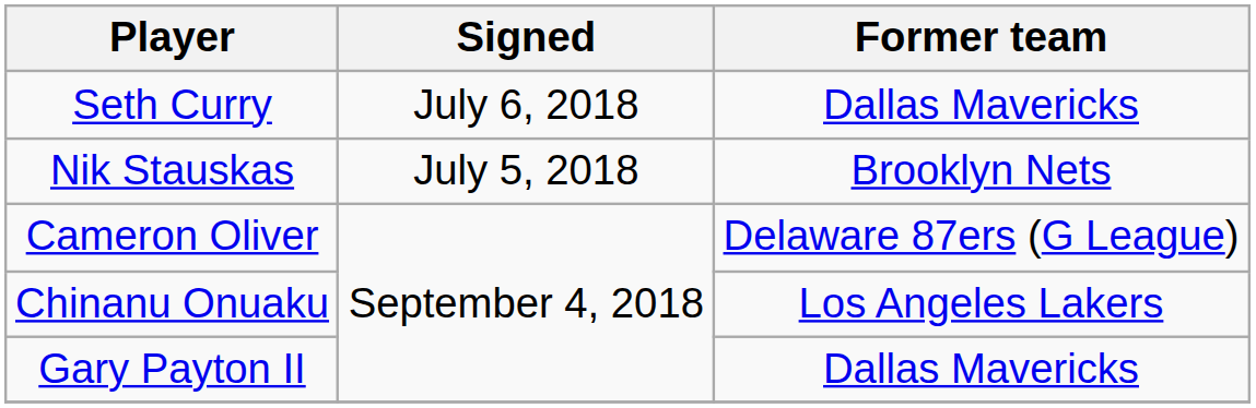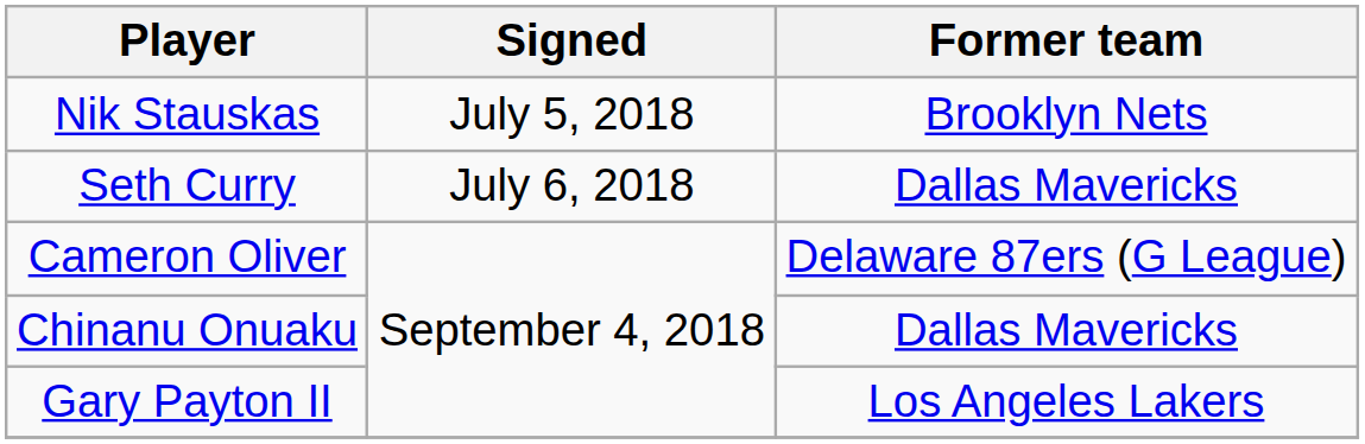 <table class="wikitable sortable sortable" style="text-align: center">
 <tr>
 <th>Player</th>
 <th>Signed</th>
 <th>Former team</th>
 </tr>
 <tr style="text-align: center">
+<td><a href='#'>Nik Stauskas</a></td>
+<td>July 5, 2018</td>
+<td><a href='#'>Brooklyn Nets</a></td>
+</tr>
+<tr style="text-align: center">
 <td><a href='#'>Seth Curry</a></td>
 <td>July 6, 2018</td>
 <td><a href='#'>Dallas Mavericks</a></td>
-</tr>
-<tr style="text-align: center">
-<td><a href='#'>Nik Stauskas</a></td>
-<td>July 5, 2018</td>
-<td><a href='#'>Brooklyn Nets</a></td>
 </tr>
 <tr>
 <td><a href='#'>Cameron Oliver</a></td>
 <td rowspan=3>September 4, 2018</td>
 <td><a href='#'>Delaware 87ers</a> (<a href='#'>G League</a>)</td>
 </tr>
 <tr>
 <td><a href='#'>Chinanu Onuaku</a></td>
-<td><a href='#'>Los Angeles Lakers</a></td>
+<td><a href='#'>Dallas Mavericks</a></td>
 </tr>
 <tr>
 <td><a href='#'>Gary Payton II</a></td>
-<td><a href='#'>Dallas Mavericks</a></td>
+<td><a href='#'>Los Angeles Lakers</a></td>
 </tr>
 <tr>
 </tr>
 </table>
